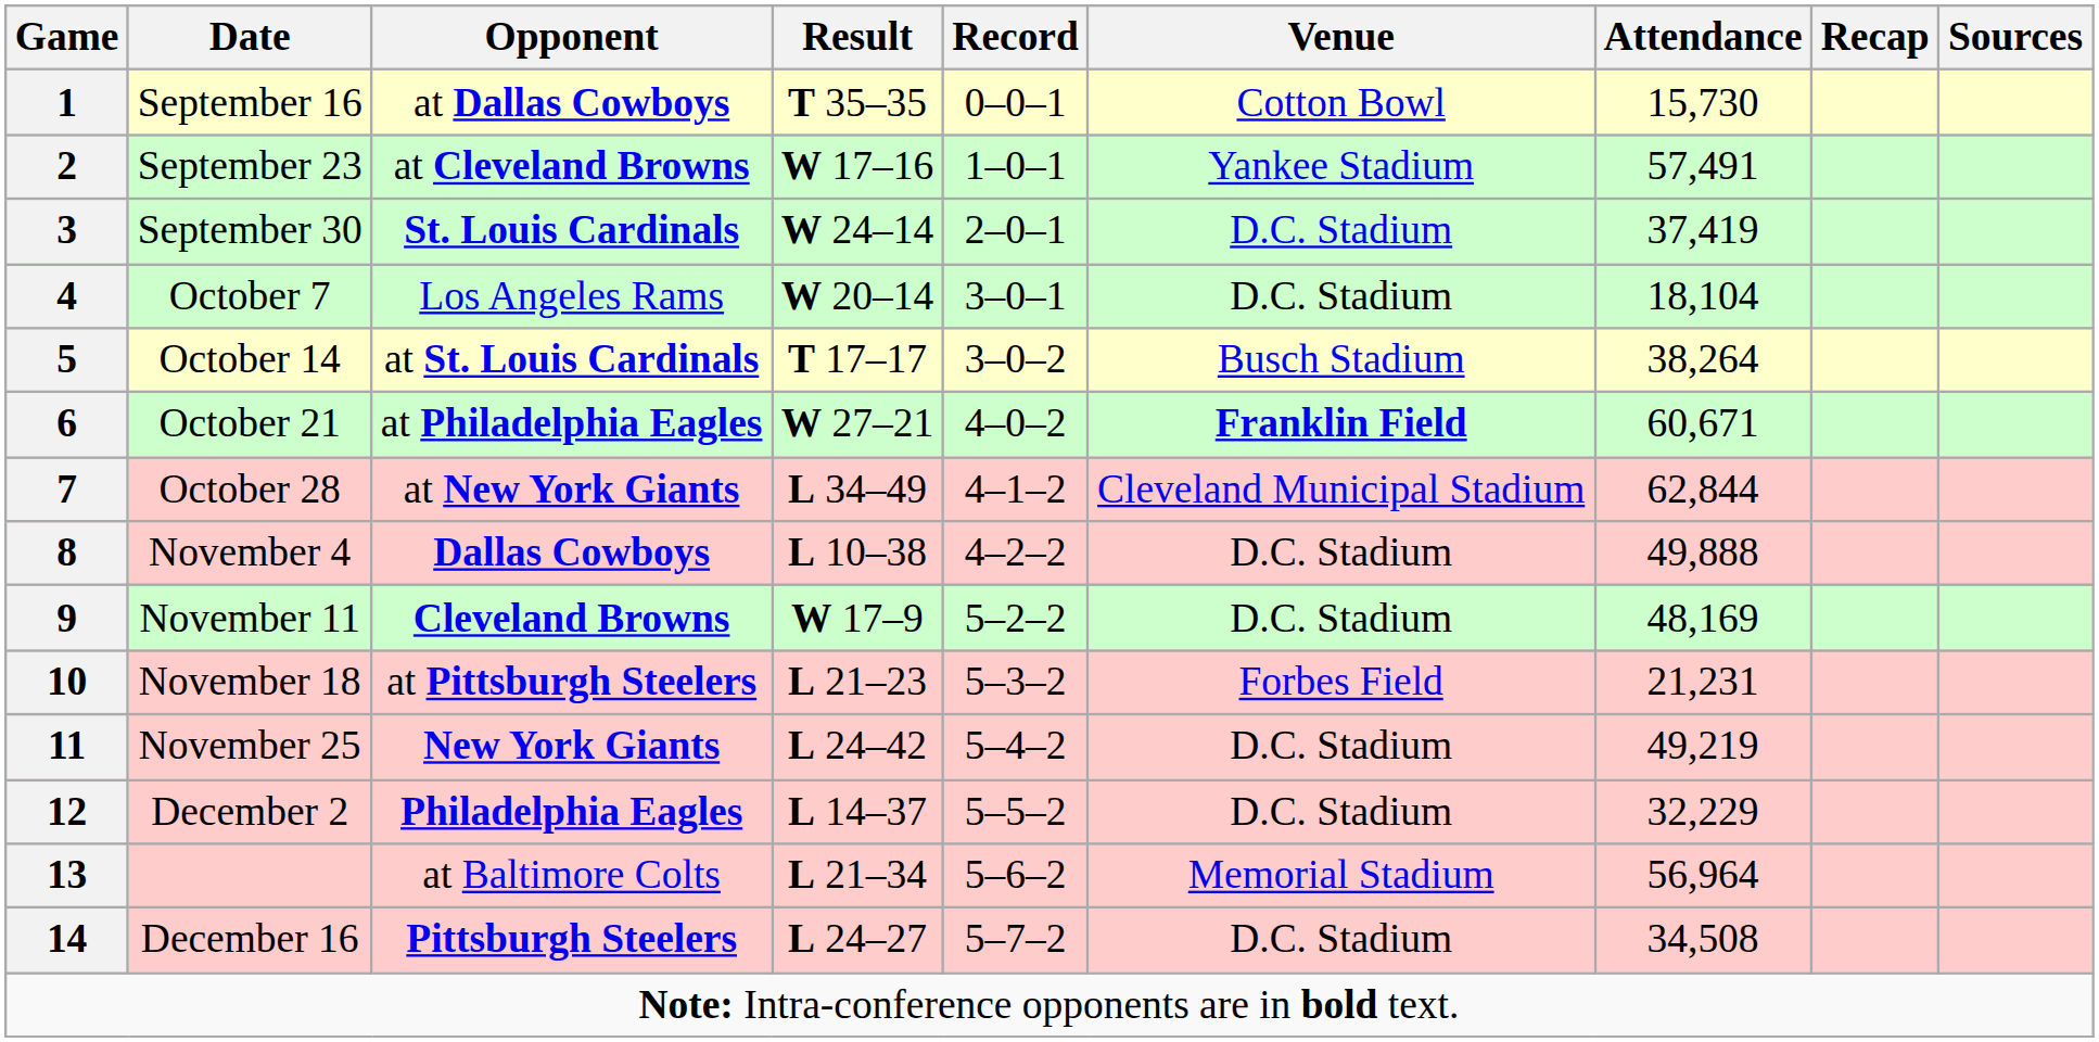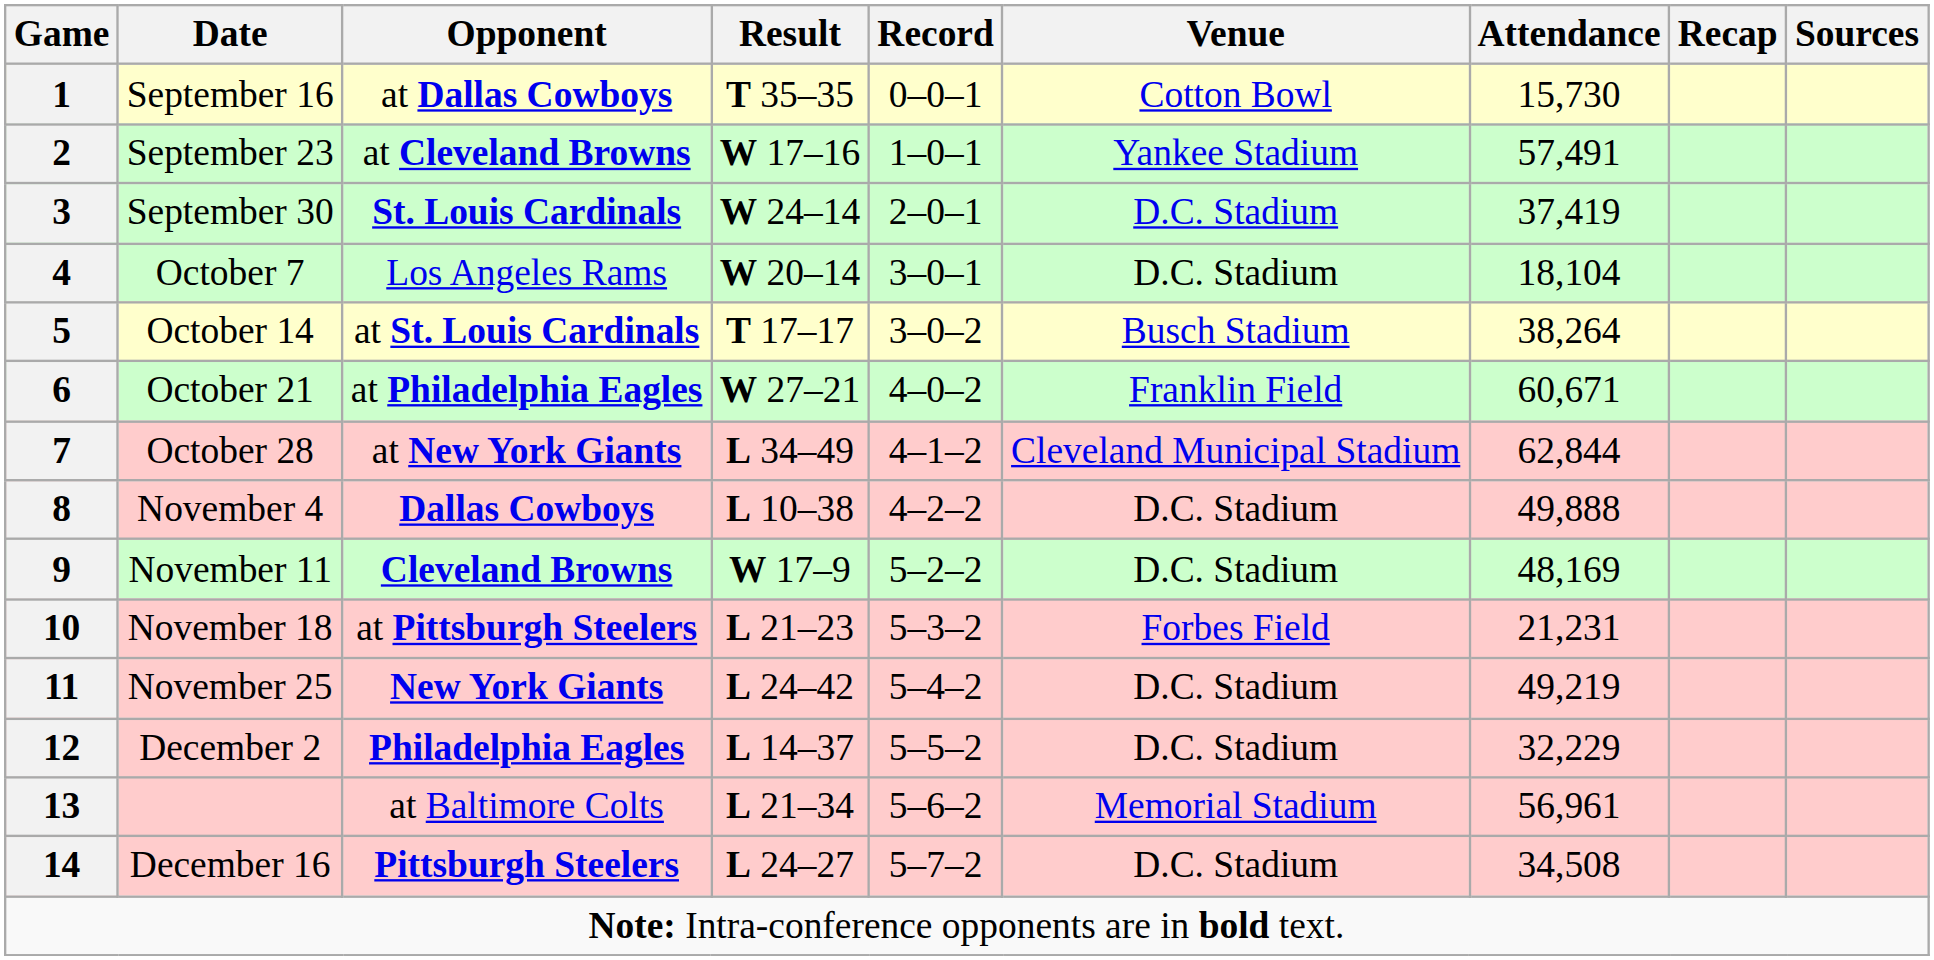 <table class="wikitable" style="text-align:center">
 <tr>
 <th>Game</th>
 <th>Date</th>
 <th>Opponent</th>
 <th>Result</th>
 <th>Record</th>
 <th>Venue</th>
 <th>Attendance</th>
 <th>Recap</th>
 <th>Sources</th>
 </tr>
 <tr style="background:#ffc">
 <th>1</th>
 <td>September 16</td>
 <td>at <strong><a href='#'>Dallas Cowboys</a></strong></td>
 <td><strong>T</strong> 35–35</td>
 <td>0–0–1</td>
 <td><a href='#'>Cotton Bowl</a></td>
 <td>15,730</td>
 <td></td>
 <td></td>
 </tr>
 <tr style="background:#cfc">
 <th>2</th>
 <td>September 23</td>
 <td>at <strong><a href='#'>Cleveland Browns</a></strong></td>
 <td><strong>W</strong> 17–16</td>
 <td>1–0–1</td>
 <td><a href='#'>Yankee Stadium</a></td>
 <td>57,491</td>
 <td></td>
 <td></td>
 </tr>
 <tr style="background:#cfc">
 <th>3</th>
 <td>September 30</td>
 <td><strong><a href='#'>St. Louis Cardinals</a></strong></td>
 <td><strong>W</strong> 24–14</td>
 <td>2–0–1</td>
 <td><a href='#'>D.C. Stadium</a></td>
 <td>37,419</td>
 <td></td>
 <td></td>
 </tr>
 <tr style="background:#cfc">
 <th>4</th>
 <td>October 7</td>
 <td><a href='#'>Los Angeles Rams</a></td>
 <td><strong>W</strong> 20–14</td>
 <td>3–0–1</td>
 <td>D.C. Stadium</td>
 <td>18,104</td>
 <td></td>
 <td></td>
 </tr>
 <tr style="background:#ffc">
 <th>5</th>
 <td>October 14</td>
 <td>at <strong><a href='#'>St. Louis Cardinals</a></strong></td>
 <td><strong>T</strong> 17–17</td>
 <td>3–0–2</td>
 <td><a href='#'>Busch Stadium</a></td>
 <td>38,264</td>
 <td></td>
 <td></td>
 </tr>
 <tr style="background:#cfc">
 <th>6</th>
 <td>October 21</td>
 <td>at <strong><a href='#'>Philadelphia Eagles</a></strong></td>
 <td><strong>W</strong> 27–21</td>
 <td>4–0–2</td>
-<td><strong><a href='#'>Franklin Field</a></strong></td>
+<td><a href='#'>Franklin Field</a></td>
 <td>60,671</td>
 <td></td>
 <td></td>
 </tr>
 <tr style="background:#fcc">
 <th>7</th>
 <td>October 28</td>
 <td>at <strong><a href='#'>New York Giants</a></strong></td>
 <td><strong>L</strong> 34–49</td>
 <td>4–1–2</td>
 <td><a href='#'>Cleveland Municipal Stadium</a></td>
 <td>62,844</td>
 <td></td>
 <td></td>
 </tr>
 <tr style="background:#fcc">
 <th>8</th>
 <td>November 4</td>
 <td><strong><a href='#'>Dallas Cowboys</a></strong></td>
 <td><strong>L</strong> 10–38</td>
 <td>4–2–2</td>
 <td>D.C. Stadium</td>
 <td>49,888</td>
 <td></td>
 <td></td>
 </tr>
 <tr style="background:#cfc">
 <th>9</th>
 <td>November 11</td>
 <td><strong><a href='#'>Cleveland Browns</a></strong></td>
 <td><strong>W</strong> 17–9</td>
 <td>5–2–2</td>
 <td>D.C. Stadium</td>
 <td>48,169</td>
 <td></td>
 <td></td>
 </tr>
 <tr style="background:#fcc">
 <th>10</th>
 <td>November 18</td>
 <td>at <strong><a href='#'>Pittsburgh Steelers</a></strong></td>
 <td><strong>L</strong> 21–23</td>
 <td>5–3–2</td>
 <td><a href='#'>Forbes Field</a></td>
 <td>21,231</td>
 <td></td>
 <td></td>
 </tr>
 <tr style="background:#fcc">
 <th>11</th>
 <td>November 25</td>
 <td><strong><a href='#'>New York Giants</a></strong></td>
 <td><strong>L</strong> 24–42</td>
 <td>5–4–2</td>
 <td>D.C. Stadium</td>
 <td>49,219</td>
 <td></td>
 <td></td>
 </tr>
 <tr style="background:#fcc">
 <th>12</th>
 <td>December 2</td>
 <td><strong><a href='#'>Philadelphia Eagles</a></strong></td>
 <td><strong>L</strong> 14–37</td>
 <td>5–5–2</td>
 <td>D.C. Stadium</td>
 <td>32,229</td>
 <td></td>
 <td></td>
 </tr>
 <tr style="background:#fcc">
 <th>13</th>
 <td></td>
 <td>at <a href='#'>Baltimore Colts</a></td>
 <td><strong>L</strong> 21–34</td>
 <td>5–6–2</td>
 <td><a href='#'>Memorial Stadium</a></td>
-<td>56,964</td>
+<td>56,961</td>
 <td></td>
 <td></td>
 </tr>
 <tr style="background:#fcc">
 <th>14</th>
 <td>December 16</td>
 <td><strong><a href='#'>Pittsburgh Steelers</a></strong></td>
 <td><strong>L</strong> 24–27</td>
 <td>5–7–2</td>
 <td>D.C. Stadium</td>
 <td>34,508</td>
 <td></td>
 <td></td>
 </tr>
 <tr>
 <td colspan="9"><strong>Note:</strong> Intra-conference opponents are in <strong>bold</strong> text.</td>
 </tr>
 </table>
